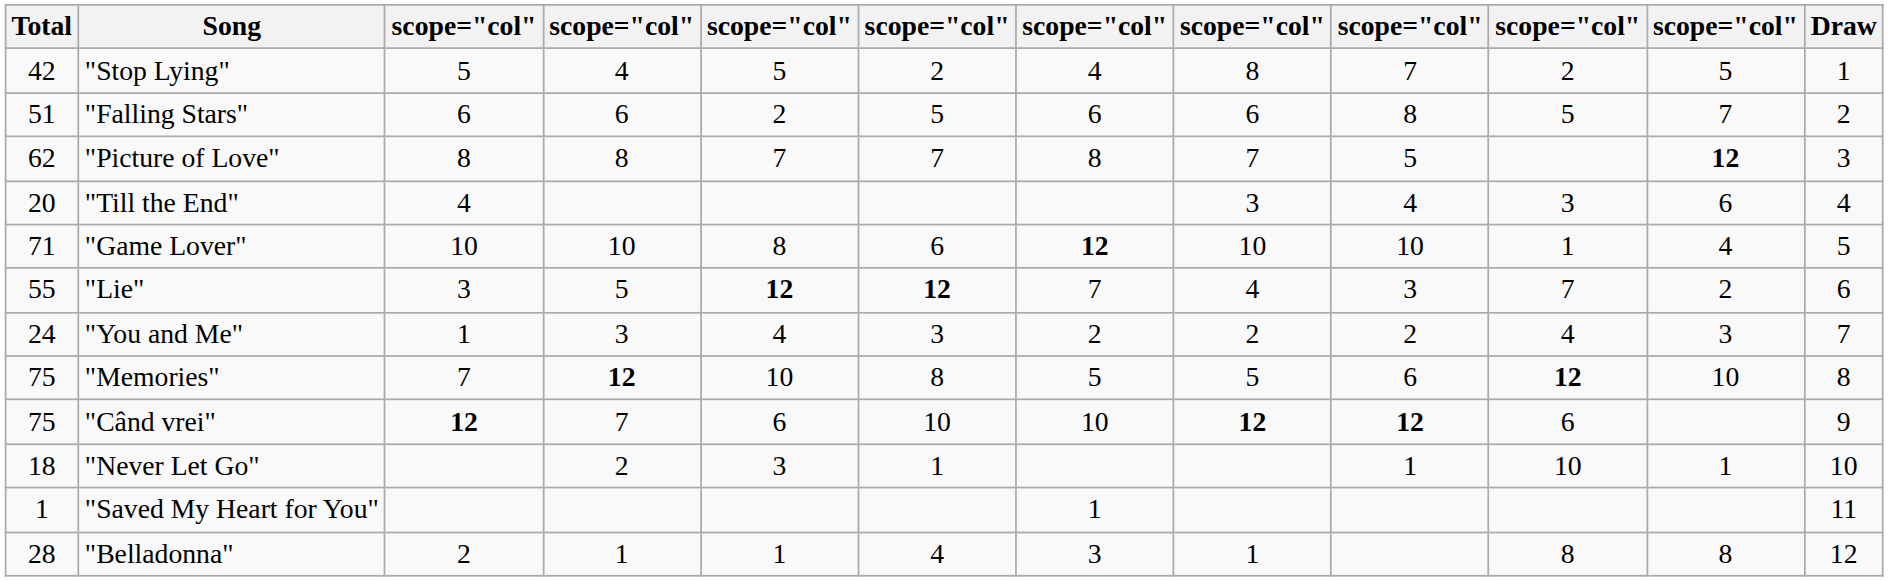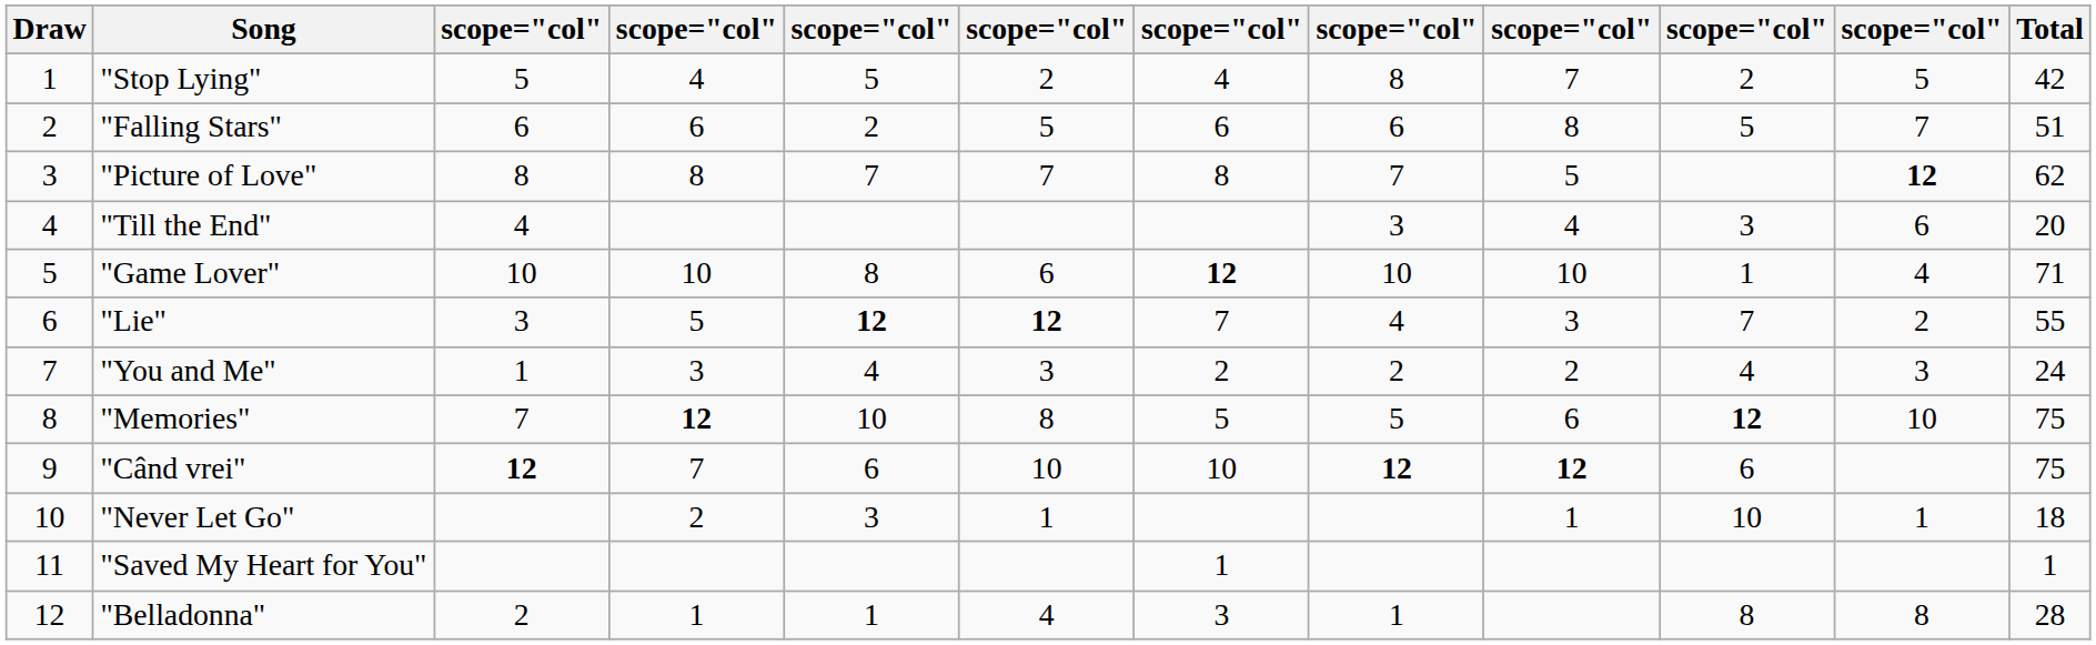 <table class="wikitable collapsible" style="margin: 1em auto 1em auto; text-align:center;">
 <tr>
-<th>Total</th>
+<th>Draw</th>
 <th>Song</th>
 <th>scope="col" </th>
 <th>scope="col" </th>
 <th>scope="col" </th>
 <th>scope="col" </th>
 <th>scope="col" </th>
 <th>scope="col" </th>
 <th>scope="col" </th>
 <th>scope="col" </th>
 <th>scope="col" </th>
-<th>Draw</th>
+<th>Total</th>
 </tr>
 <tr>
-<td>42</td>
+<td>1</td>
 <td align="left">"Stop Lying"</td>
 <td>5</td>
 <td>4</td>
 <td>5</td>
 <td>2</td>
 <td>4</td>
 <td>8</td>
 <td>7</td>
 <td>2</td>
 <td>5</td>
-<td>1</td>
+<td>42</td>
 </tr>
 <tr>
-<td>51</td>
+<td>2</td>
 <td align="left">"Falling Stars"</td>
 <td>6</td>
 <td>6</td>
 <td>2</td>
 <td>5</td>
 <td>6</td>
 <td>6</td>
 <td>8</td>
 <td>5</td>
 <td>7</td>
-<td>2</td>
+<td>51</td>
 </tr>
 <tr>
-<td>62</td>
+<td>3</td>
 <td align="left">"Picture of Love"</td>
 <td>8</td>
 <td>8</td>
 <td>7</td>
 <td>7</td>
 <td>8</td>
 <td>7</td>
 <td>5</td>
 <td></td>
 <td><strong>12</strong></td>
-<td>3</td>
+<td>62</td>
 </tr>
 <tr>
-<td>20</td>
+<td>4</td>
 <td align="left">"Till the End"</td>
 <td>4</td>
 <td></td>
 <td></td>
 <td></td>
 <td></td>
 <td>3</td>
 <td>4</td>
 <td>3</td>
 <td>6</td>
-<td>4</td>
+<td>20</td>
 </tr>
 <tr>
-<td>71</td>
+<td>5</td>
 <td align="left">"Game Lover"</td>
 <td>10</td>
 <td>10</td>
 <td>8</td>
 <td>6</td>
 <td><strong>12</strong></td>
 <td>10</td>
 <td>10</td>
 <td>1</td>
 <td>4</td>
-<td>5</td>
+<td>71</td>
 </tr>
 <tr>
-<td>55</td>
+<td>6</td>
 <td align="left">"Lie"</td>
 <td>3</td>
 <td>5</td>
 <td><strong>12</strong></td>
 <td><strong>12</strong></td>
 <td>7</td>
 <td>4</td>
 <td>3</td>
 <td>7</td>
 <td>2</td>
-<td>6</td>
+<td>55</td>
 </tr>
 <tr>
-<td>24</td>
+<td>7</td>
 <td align="left">"You and Me"</td>
 <td>1</td>
 <td>3</td>
 <td>4</td>
 <td>3</td>
 <td>2</td>
 <td>2</td>
 <td>2</td>
 <td>4</td>
 <td>3</td>
-<td>7</td>
+<td>24</td>
 </tr>
 <tr>
-<td>75</td>
+<td>8</td>
 <td align="left">"Memories"</td>
 <td>7</td>
 <td><strong>12</strong></td>
 <td>10</td>
 <td>8</td>
 <td>5</td>
 <td>5</td>
 <td>6</td>
 <td><strong>12</strong></td>
 <td>10</td>
-<td>8</td>
+<td>75</td>
 </tr>
 <tr>
-<td>75</td>
+<td>9</td>
 <td align="left">"Când vrei"</td>
 <td><strong>12</strong></td>
 <td>7</td>
 <td>6</td>
 <td>10</td>
 <td>10</td>
 <td><strong>12</strong></td>
 <td><strong>12</strong></td>
 <td>6</td>
 <td></td>
-<td>9</td>
+<td>75</td>
 </tr>
 <tr>
-<td>18</td>
+<td>10</td>
 <td align="left">"Never Let Go"</td>
 <td></td>
 <td>2</td>
 <td>3</td>
 <td>1</td>
 <td></td>
 <td></td>
 <td>1</td>
 <td>10</td>
 <td>1</td>
-<td>10</td>
+<td>18</td>
 </tr>
 <tr>
-<td>1</td>
+<td>11</td>
 <td align="left">"Saved My Heart for You"</td>
 <td></td>
 <td></td>
 <td></td>
 <td></td>
 <td>1</td>
 <td></td>
 <td></td>
 <td></td>
 <td></td>
-<td>11</td>
+<td>1</td>
 </tr>
 <tr>
-<td>28</td>
+<td>12</td>
 <td align="left">"Belladonna"</td>
 <td>2</td>
 <td>1</td>
 <td>1</td>
 <td>4</td>
 <td>3</td>
 <td>1</td>
 <td></td>
 <td>8</td>
 <td>8</td>
-<td>12</td>
+<td>28</td>
 </tr>
 </table>
